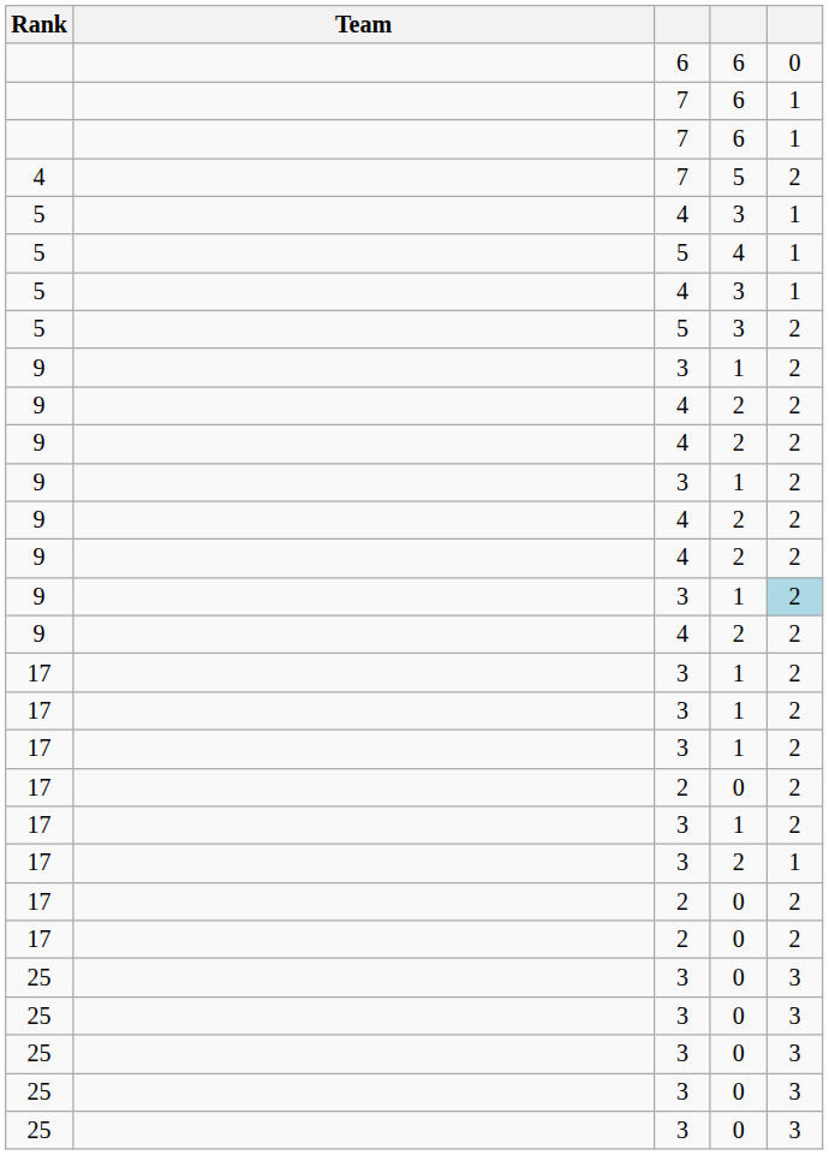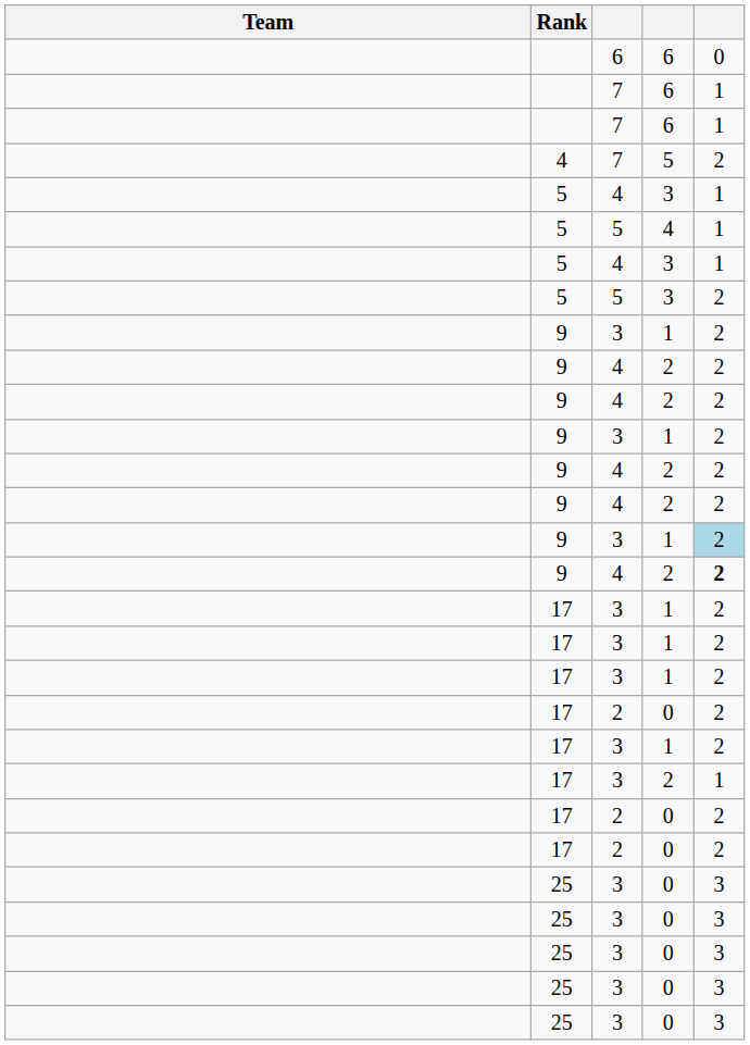 <table class="wikitable" style="text-align: center;">
 <tr>
+<th width=380>Team</th>
 <th width=35>Rank</th>
-<th width=380>Team</th>
 <th width=30></th>
 <th width=30></th>
 <th width=30></th>
 </tr>
 <tr>
+<td align=left></td>
 <td></td>
-<td align=left></td>
 <td>6</td>
 <td>6</td>
 <td>0</td>
 </tr>
 <tr>
+<td align=left></td>
 <td></td>
-<td align=left></td>
 <td>7</td>
 <td>6</td>
 <td>1</td>
 </tr>
 <tr>
+<td align=left></td>
 <td></td>
-<td align=left></td>
 <td>7</td>
 <td>6</td>
 <td>1</td>
 </tr>
 <tr>
+<td align=left></td>
 <td>4</td>
-<td align=left></td>
 <td>7</td>
 <td>5</td>
 <td>2</td>
 </tr>
 <tr>
+<td align=left></td>
 <td>5</td>
-<td align=left></td>
 <td>4</td>
 <td>3</td>
 <td>1</td>
 </tr>
 <tr>
+<td align=left></td>
 <td>5</td>
-<td align=left></td>
 <td>5</td>
 <td>4</td>
 <td>1</td>
 </tr>
 <tr>
+<td align=left></td>
 <td>5</td>
-<td align=left></td>
 <td>4</td>
 <td>3</td>
 <td>1</td>
 </tr>
 <tr>
+<td align=left></td>
 <td>5</td>
-<td align=left></td>
 <td>5</td>
 <td>3</td>
 <td>2</td>
 </tr>
 <tr>
+<td align=left></td>
 <td>9</td>
-<td align=left></td>
 <td>3</td>
 <td>1</td>
 <td>2</td>
 </tr>
 <tr>
+<td align=left></td>
 <td>9</td>
-<td align=left></td>
 <td>4</td>
 <td>2</td>
 <td>2</td>
 </tr>
 <tr>
+<td align=left></td>
 <td>9</td>
-<td align=left></td>
 <td>4</td>
 <td>2</td>
 <td>2</td>
 </tr>
 <tr>
+<td align=left></td>
 <td>9</td>
-<td align=left></td>
 <td>3</td>
 <td>1</td>
 <td>2</td>
 </tr>
 <tr>
+<td align=left></td>
 <td>9</td>
-<td align=left></td>
 <td>4</td>
 <td>2</td>
 <td>2</td>
 </tr>
 <tr>
+<td align=left></td>
 <td>9</td>
-<td align=left></td>
 <td>4</td>
 <td>2</td>
 <td>2</td>
 </tr>
 <tr>
+<td align=left></td>
 <td>9</td>
-<td align=left></td>
 <td>3</td>
 <td>1</td>
 <td style="background: lightblue;">2</td>
 </tr>
 <tr>
+<td align=left></td>
 <td>9</td>
-<td align=left></td>
 <td>4</td>
 <td>2</td>
-<td>2</td>
+<td><strong>2</strong></td>
 </tr>
 <tr>
+<td align=left></td>
 <td>17</td>
-<td align=left></td>
 <td>3</td>
 <td>1</td>
 <td>2</td>
 </tr>
 <tr>
+<td align=left></td>
 <td>17</td>
-<td align=left></td>
 <td>3</td>
 <td>1</td>
 <td>2</td>
 </tr>
 <tr>
+<td align=left></td>
 <td>17</td>
-<td align=left></td>
 <td>3</td>
 <td>1</td>
 <td>2</td>
 </tr>
 <tr>
+<td align=left></td>
 <td>17</td>
-<td align=left></td>
 <td>2</td>
 <td>0</td>
 <td>2</td>
 </tr>
 <tr>
+<td align=left></td>
 <td>17</td>
-<td align=left></td>
 <td>3</td>
 <td>1</td>
 <td>2</td>
 </tr>
 <tr>
+<td align=left></td>
 <td>17</td>
-<td align=left></td>
 <td>3</td>
 <td>2</td>
 <td>1</td>
 </tr>
 <tr>
+<td align=left></td>
 <td>17</td>
-<td align=left></td>
 <td>2</td>
 <td>0</td>
 <td>2</td>
 </tr>
 <tr>
+<td align=left></td>
 <td>17</td>
-<td align=left></td>
 <td>2</td>
 <td>0</td>
 <td>2</td>
 </tr>
 <tr>
+<td align=left></td>
 <td>25</td>
-<td align=left></td>
 <td>3</td>
 <td>0</td>
 <td>3</td>
 </tr>
 <tr>
+<td align=left></td>
 <td>25</td>
-<td align=left></td>
 <td>3</td>
 <td>0</td>
 <td>3</td>
 </tr>
 <tr>
+<td align=left></td>
 <td>25</td>
-<td align=left></td>
 <td>3</td>
 <td>0</td>
 <td>3</td>
 </tr>
 <tr>
+<td align=left></td>
 <td>25</td>
-<td align=left></td>
 <td>3</td>
 <td>0</td>
 <td>3</td>
 </tr>
 <tr>
+<td align=left></td>
 <td>25</td>
-<td align=left></td>
 <td>3</td>
 <td>0</td>
 <td>3</td>
 </tr>
 </table>
